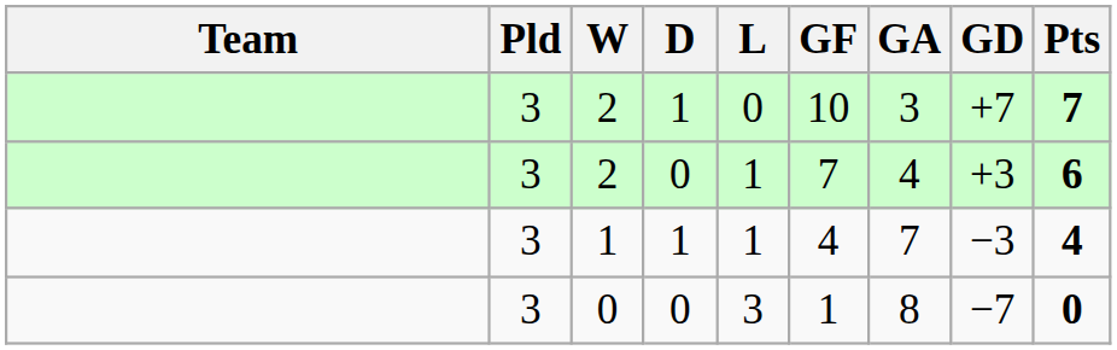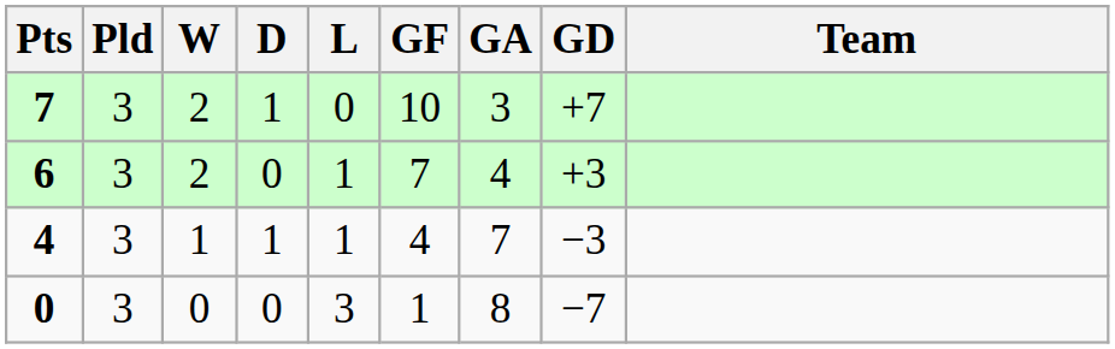 <table class="wikitable" style="text-align:center;">
 <tr>
-<th width=175>Team</th>
+<th width=20 abbr="Points">Pts</th>
 <th width=20 abbr="Played">Pld</th>
 <th width=20 abbr="Won">W</th>
 <th width=20 abbr="Drawn">D</th>
 <th width=20 abbr="Lost">L</th>
 <th width=20 abbr="Goals for">GF</th>
 <th width=20 abbr="Goals against">GA</th>
 <th width=20 abbr="Goal difference">GD</th>
-<th width=20 abbr="Points">Pts</th>
+<th width=175>Team</th>
 </tr>
 <tr bgcolor = ccffcc>
-<td align=left></td>
+<td><strong>7</strong></td>
 <td>3</td>
 <td>2</td>
 <td>1</td>
 <td>0</td>
 <td>10</td>
 <td>3</td>
 <td>+7</td>
-<td><strong>7</strong></td>
+<td align=left></td>
 </tr>
 <tr bgcolor = ccffcc>
-<td align=left></td>
+<td><strong>6</strong></td>
 <td>3</td>
 <td>2</td>
 <td>0</td>
 <td>1</td>
 <td>7</td>
 <td>4</td>
 <td>+3</td>
-<td><strong>6</strong></td>
+<td align=left></td>
 </tr>
 <tr>
-<td align=left></td>
+<td><strong>4</strong></td>
 <td>3</td>
 <td>1</td>
 <td>1</td>
 <td>1</td>
 <td>4</td>
 <td>7</td>
 <td>−3</td>
-<td><strong>4</strong></td>
+<td align=left></td>
 </tr>
 <tr>
-<td align=left></td>
+<td><strong>0</strong></td>
 <td>3</td>
 <td>0</td>
 <td>0</td>
 <td>3</td>
 <td>1</td>
 <td>8</td>
 <td>−7</td>
-<td><strong>0</strong></td>
+<td align=left></td>
 </tr>
 </table>
